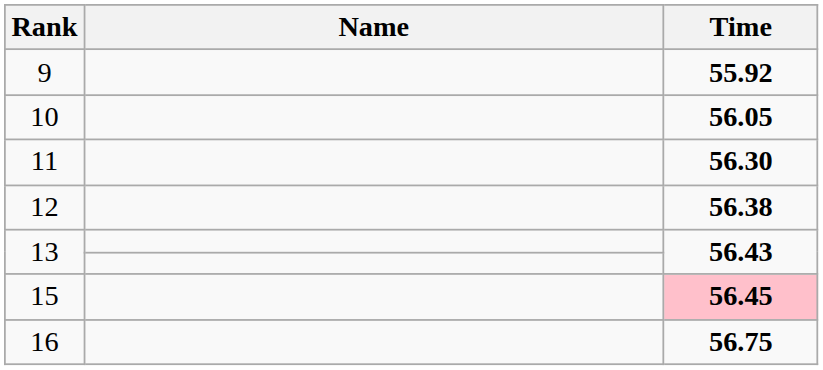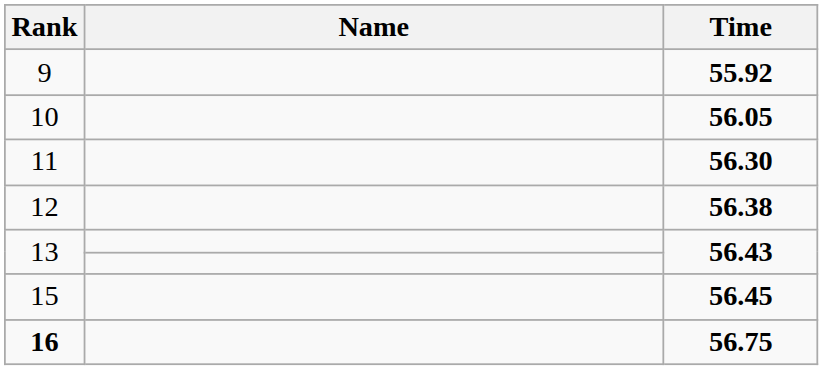 <table class="wikitable">
 <tr>
 <th>Rank</th>
 <th align="center" style="width: 20em">Name</th>
 <th align="center" style="width: 5em">Time</th>
 </tr>
 <tr>
 <td align="center">9</td>
 <td></td>
 <td align="center"><strong>55.92</strong></td>
 </tr>
 <tr>
 <td align="center">10</td>
 <td></td>
 <td align="center"><strong>56.05</strong></td>
 </tr>
 <tr>
 <td align="center">11</td>
 <td></td>
 <td align="center"><strong>56.30</strong></td>
 </tr>
 <tr>
 <td align="center">12</td>
 <td></td>
 <td align="center"><strong>56.38</strong></td>
 </tr>
 <tr>
 <td rowspan=2 align="center">13</td>
 <td></td>
 <td rowspan=2 align="center"><strong>56.43</strong></td>
 </tr>
 <tr>
 <td></td>
 </tr>
 <tr>
 <td align="center">15</td>
 <td></td>
-<td align="center" style="background: pink;"><strong>56.45</strong></td>
+<td align="center"><strong>56.45</strong></td>
 </tr>
 <tr>
-<td align="center">16</td>
+<td align="center"><strong>16</strong></td>
 <td></td>
 <td align="center"><strong>56.75</strong></td>
 </tr>
 </table>
